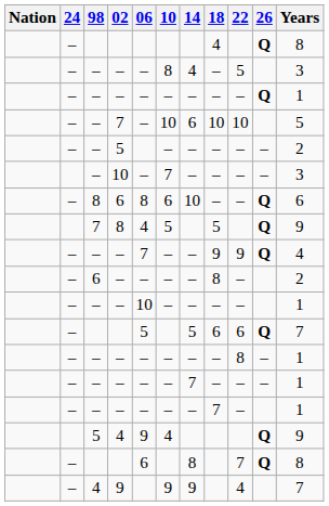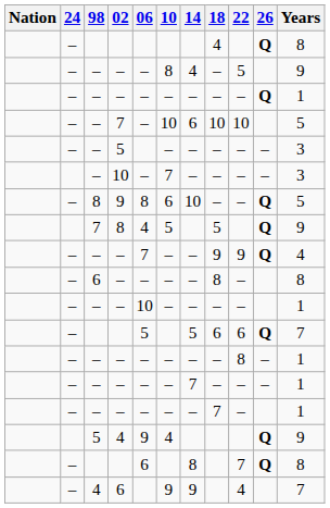 <table class="wikitable sortable" style="text-align:center">
 <tr>
 <th>Nation</th>
 <th data-sort-type="number"><a href='#'>24</a></th>
 <th data-sort-type="number"><a href='#'>98</a></th>
 <th data-sort-type="number"><a href='#'>02</a></th>
 <th data-sort-type="number"><a href='#'>06</a></th>
 <th data-sort-type="number"><a href='#'>10</a></th>
 <th data-sort-type="number"><a href='#'>14</a></th>
 <th data-sort-type="number"><a href='#'>18</a></th>
 <th data-sort-type="number"><a href='#'>22</a></th>
 <th data-sort-type="number"><a href='#'>26</a></th>
 <th>Years</th>
 </tr>
 <tr>
 <td align=left></td>
 <td data-sort-value="11">–</td>
 <td></td>
 <td></td>
 <td></td>
 <td></td>
 <td></td>
 <td>4</td>
 <td></td>
 <td><strong>Q</strong></td>
 <td>8</td>
 </tr>
 <tr>
 <td align=left></td>
 <td data-sort-value="11">–</td>
 <td data-sort-value="11">–</td>
 <td data-sort-value="11">–</td>
 <td data-sort-value="11">–</td>
 <td>8</td>
 <td>4</td>
 <td data-sort-value="11">–</td>
 <td>5</td>
 <td></td>
-<td>3</td>
+<td>9</td>
 </tr>
 <tr>
 <td align=left></td>
 <td data-sort-value="11">–</td>
 <td data-sort-value="11">–</td>
 <td data-sort-value="11">–</td>
 <td data-sort-value="11">–</td>
 <td data-sort-value="11">–</td>
 <td data-sort-value="11">–</td>
 <td data-sort-value="11">–</td>
 <td data-sort-value="11">–</td>
 <td><strong>Q</strong></td>
 <td>1</td>
 </tr>
 <tr>
 <td align=left></td>
 <td data-sort-value="11">–</td>
 <td data-sort-value="11">–</td>
 <td>7</td>
 <td data-sort-value="11">–</td>
 <td>10</td>
 <td>6</td>
 <td>10</td>
 <td>10</td>
 <td></td>
 <td>5</td>
 </tr>
 <tr>
 <td align=left></td>
 <td data-sort-value="11">–</td>
 <td data-sort-value="11">–</td>
 <td>5</td>
 <td></td>
 <td data-sort-value="11">–</td>
 <td data-sort-value="11">–</td>
 <td data-sort-value="11">–</td>
 <td data-sort-value="11">–</td>
 <td data-sort-value="11">–</td>
-<td>2</td>
+<td>3</td>
 </tr>
 <tr>
 <td align=left></td>
 <td></td>
 <td data-sort-value="11">–</td>
 <td>10</td>
 <td data-sort-value="11">–</td>
 <td>7</td>
 <td data-sort-value="11">–</td>
 <td data-sort-value="11">–</td>
 <td data-sort-value="11">–</td>
 <td data-sort-value="11">–</td>
 <td>3</td>
 </tr>
 <tr>
 <td align=left></td>
 <td data-sort-value="11">–</td>
 <td>8</td>
-<td>6</td>
+<td>9</td>
 <td>8</td>
 <td>6</td>
 <td>10</td>
 <td data-sort-value="11">–</td>
 <td data-sort-value="11">–</td>
 <td><strong>Q</strong></td>
-<td>6</td>
+<td>5</td>
 </tr>
 <tr>
 <td align=left></td>
 <td></td>
 <td>7</td>
 <td>8</td>
 <td>4</td>
 <td>5</td>
 <td></td>
 <td>5</td>
 <td></td>
 <td><strong>Q</strong></td>
 <td>9</td>
 </tr>
 <tr>
 <td align=left></td>
 <td data-sort-value="11">–</td>
 <td data-sort-value="11">–</td>
 <td data-sort-value="11">–</td>
 <td>7</td>
 <td data-sort-value="11">–</td>
 <td data-sort-value="11">–</td>
 <td>9</td>
 <td data-sort-value="11">9</td>
 <td><strong>Q</strong></td>
 <td>4</td>
 </tr>
 <tr>
 <td align=left></td>
 <td data-sort-value="11">–</td>
 <td>6</td>
 <td data-sort-value="11">–</td>
 <td data-sort-value="11">–</td>
 <td data-sort-value="11">–</td>
 <td data-sort-value="11">–</td>
 <td>8</td>
 <td data-sort-value="11">–</td>
 <td></td>
-<td>2</td>
+<td>8</td>
 </tr>
 <tr>
 <td align=left></td>
 <td data-sort-value="11">–</td>
 <td data-sort-value="11">–</td>
 <td data-sort-value="11">–</td>
 <td>10</td>
 <td data-sort-value="11">–</td>
 <td data-sort-value="11">–</td>
 <td data-sort-value="11">–</td>
 <td data-sort-value="11">–</td>
 <td></td>
 <td>1</td>
 </tr>
 <tr>
 <td align=left></td>
 <td data-sort-value="11">–</td>
 <td></td>
 <td></td>
 <td>5</td>
 <td></td>
 <td>5</td>
 <td>6</td>
 <td data-sort-value="11">6</td>
 <td><strong>Q</strong></td>
 <td>7</td>
 </tr>
 <tr>
 <td align=left></td>
 <td data-sort-value="11">–</td>
 <td data-sort-value="11">–</td>
 <td data-sort-value="11">–</td>
 <td data-sort-value="11">–</td>
 <td data-sort-value="11">–</td>
 <td data-sort-value="11">–</td>
 <td data-sort-value="11">–</td>
 <td>8</td>
 <td data-sort-value="11">–</td>
 <td>1</td>
 </tr>
 <tr>
 <td align=left></td>
 <td data-sort-value="11">–</td>
 <td data-sort-value="11">–</td>
 <td data-sort-value="11">–</td>
 <td data-sort-value="11">–</td>
 <td data-sort-value="11">–</td>
 <td>7</td>
 <td data-sort-value="11">–</td>
 <td data-sort-value="11">–</td>
 <td data-sort-value="11">–</td>
 <td>1</td>
 </tr>
 <tr>
 <td align=left></td>
 <td data-sort-value="11">–</td>
 <td data-sort-value="11">–</td>
 <td data-sort-value="11">–</td>
 <td data-sort-value="11">–</td>
 <td data-sort-value="11">–</td>
 <td data-sort-value="11">–</td>
 <td>7</td>
 <td data-sort-value="11">–</td>
 <td></td>
 <td>1</td>
 </tr>
 <tr>
 <td align=left></td>
 <td></td>
 <td>5</td>
 <td>4</td>
 <td>9</td>
 <td>4</td>
 <td></td>
 <td></td>
 <td></td>
 <td><strong>Q</strong></td>
 <td>9</td>
 </tr>
 <tr>
 <td align=left></td>
 <td data-sort-value="11">–</td>
 <td></td>
 <td></td>
 <td>6</td>
 <td></td>
 <td>8</td>
 <td></td>
 <td>7</td>
 <td><strong>Q</strong></td>
 <td>8</td>
 </tr>
 <tr>
 <td align=left></td>
 <td data-sort-value="11">–</td>
 <td>4</td>
-<td>9</td>
+<td>6</td>
 <td></td>
 <td>9</td>
 <td>9</td>
 <td></td>
 <td>4</td>
 <td></td>
 <td>7</td>
 </tr>
 </table>
